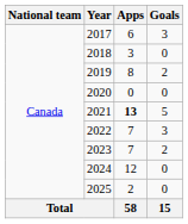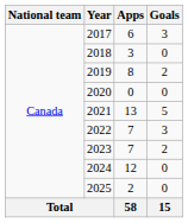 <table class="wikitable" style="text-align:center">
 <tr>
 <th>National team</th>
 <th>Year</th>
 <th>Apps</th>
 <th>Goals</th>
 </tr>
 <tr>
 <td rowspan="9"><a href='#'>Canada</a></td>
 <td>2017</td>
 <td>6</td>
 <td>3</td>
 </tr>
 <tr>
 <td>2018</td>
 <td>3</td>
 <td>0</td>
 </tr>
 <tr>
 <td>2019</td>
 <td>8</td>
 <td>2</td>
 </tr>
 <tr>
 <td>2020</td>
 <td>0</td>
 <td>0</td>
 </tr>
 <tr>
 <td>2021</td>
-<td><strong>13</strong></td>
+<td>13</td>
 <td>5</td>
 </tr>
 <tr>
 <td>2022</td>
 <td>7</td>
 <td>3</td>
 </tr>
 <tr>
 <td>2023</td>
 <td>7</td>
 <td>2</td>
 </tr>
 <tr>
 <td>2024</td>
 <td>12</td>
 <td>0</td>
 </tr>
 <tr>
 <td>2025</td>
 <td>2</td>
 <td>0</td>
 </tr>
 <tr>
 <th colspan="2">Total</th>
 <th>58</th>
 <th>15</th>
 </tr>
 </table>
